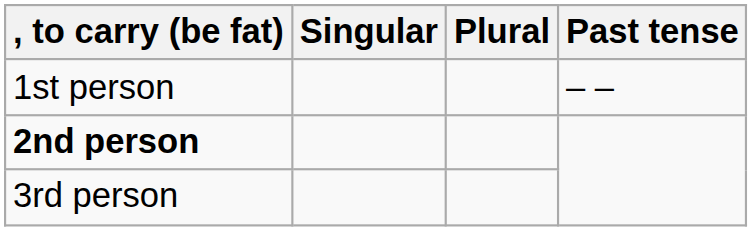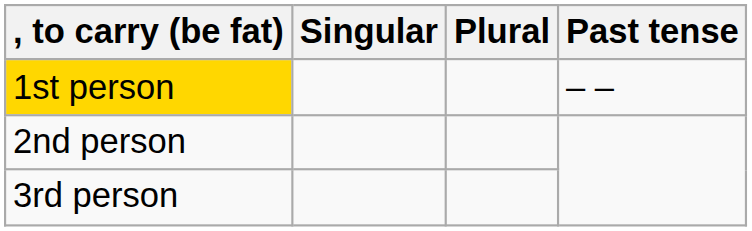 <table class="wikitable">
 <tr>
 <th>, to carry (be fat)</th>
 <th>Singular</th>
 <th>Plural</th>
 <th>Past tense</th>
 </tr>
 <tr>
-<td>1st person</td>
+<td style="background: gold;">1st person</td>
 <td></td>
 <td></td>
 <td> –  – </td>
 </tr>
 <tr>
-<td><strong>2nd person</strong></td>
+<td>2nd person</td>
 <td></td>
 <td></td>
 </tr>
 <tr>
 <td>3rd person</td>
 <td></td>
 <td></td>
 </tr>
 </table>
